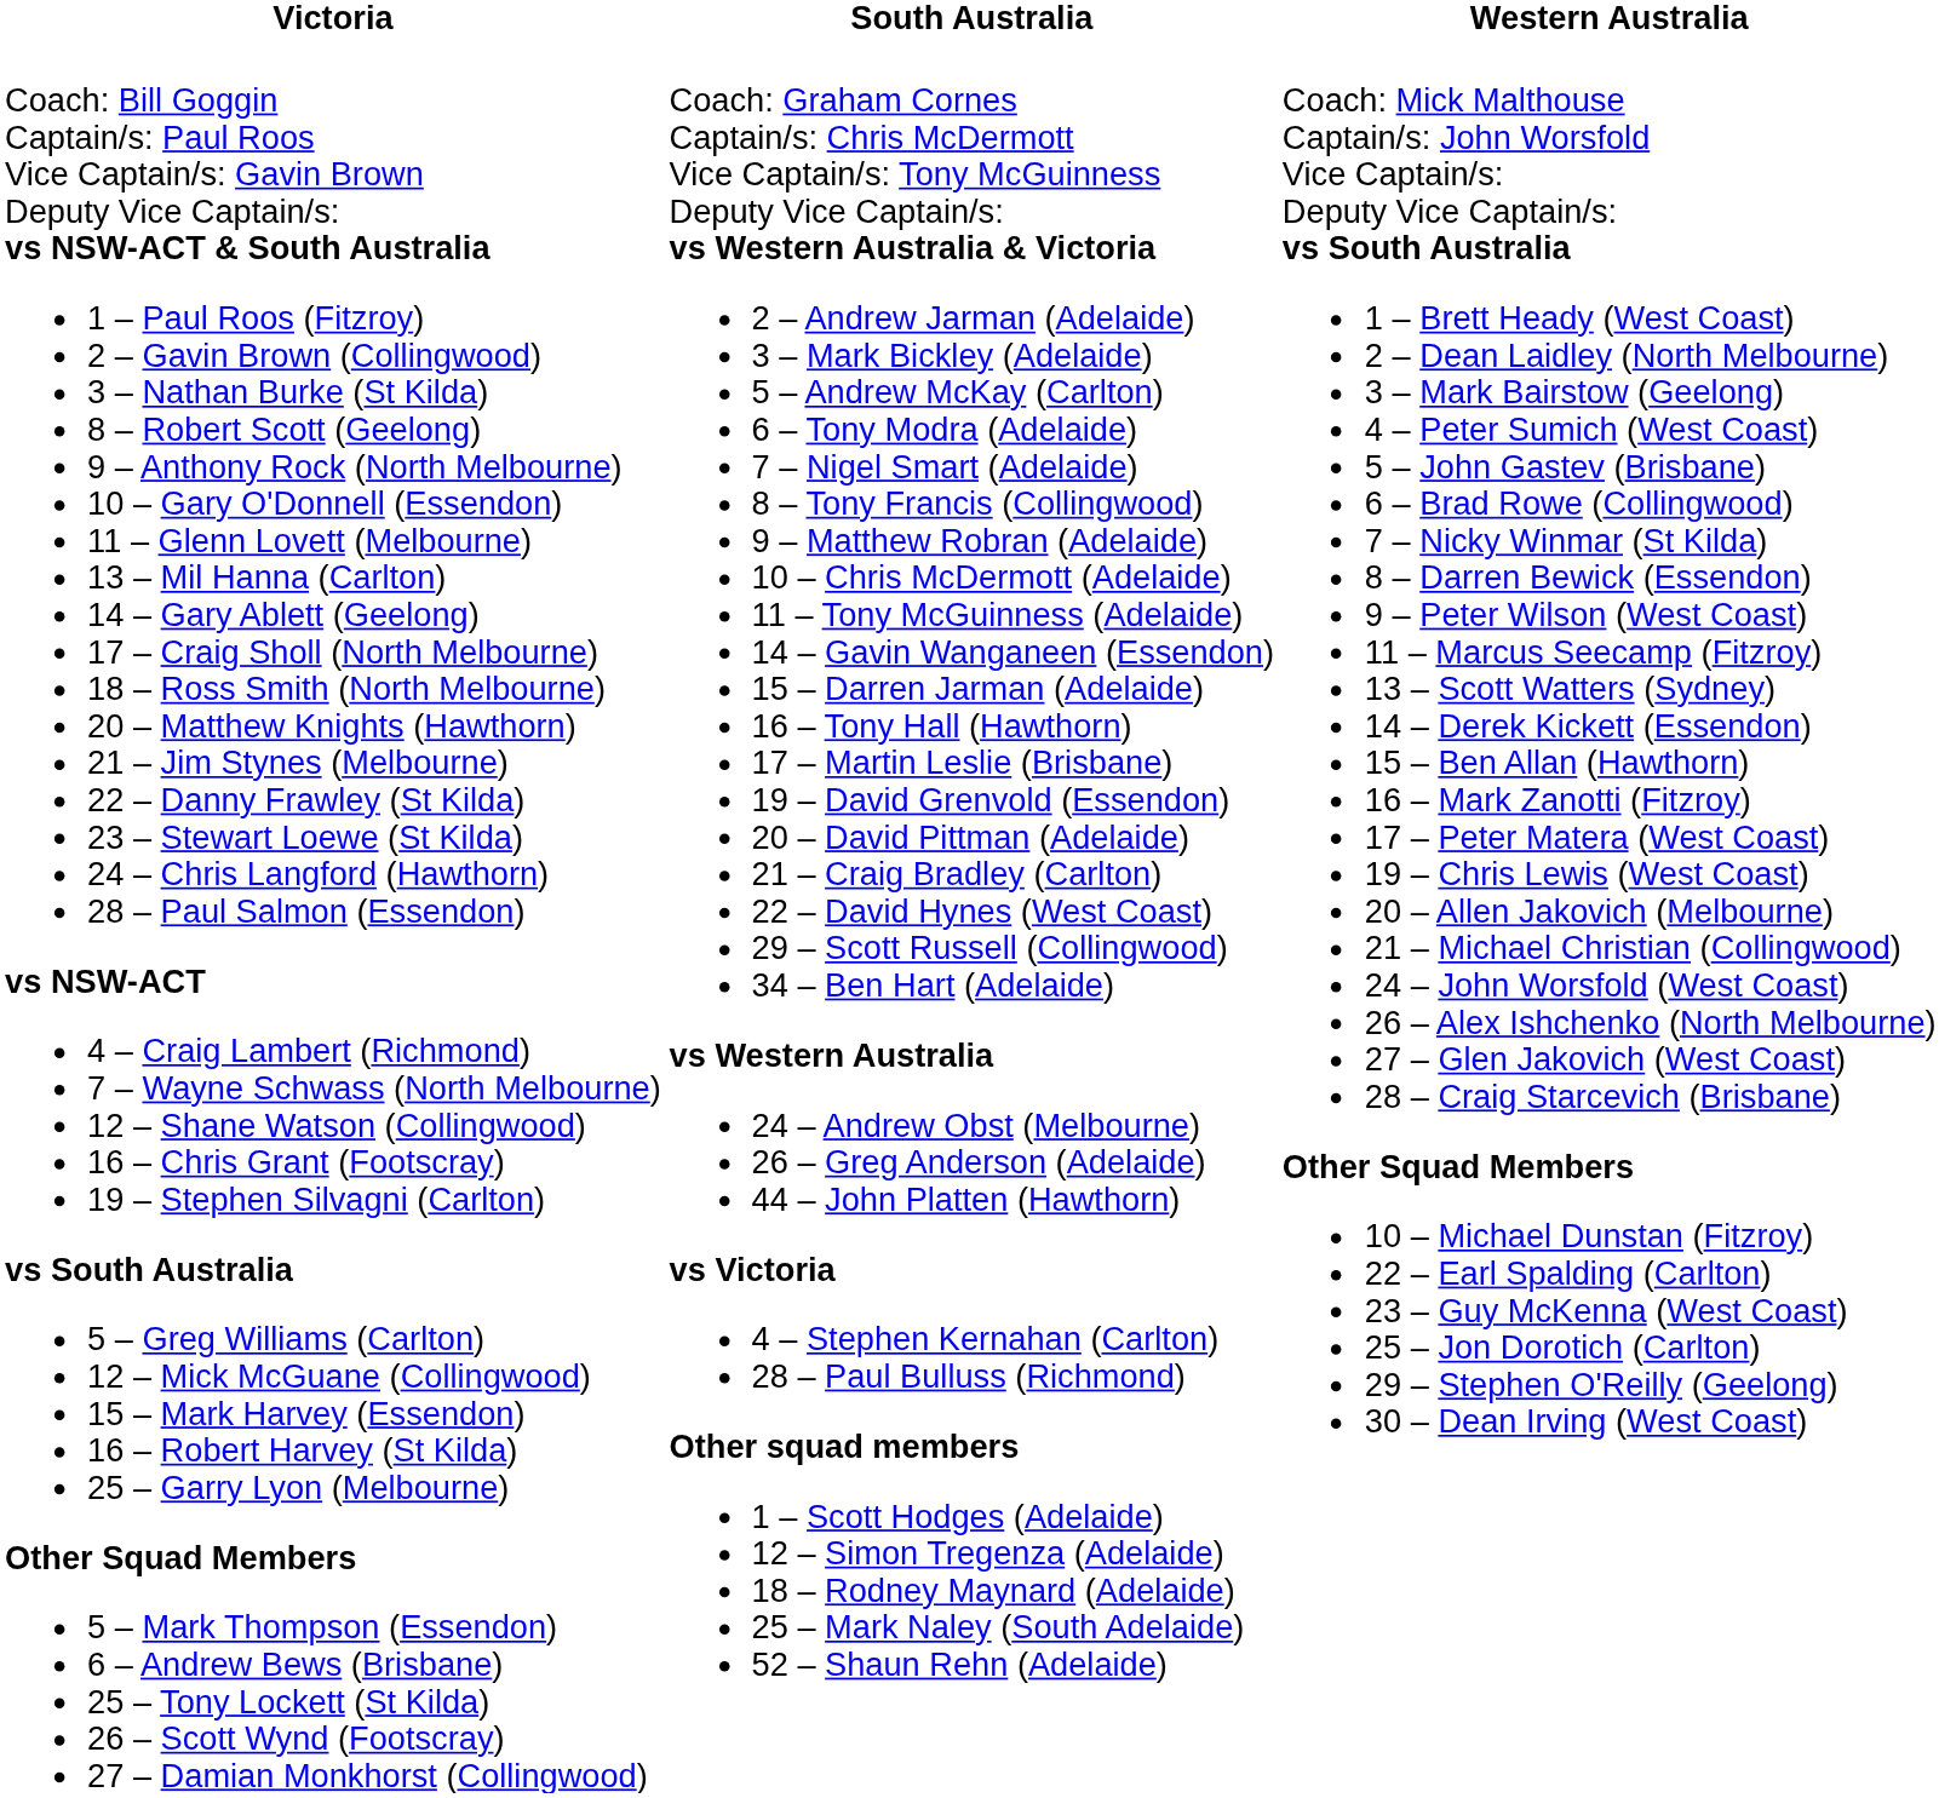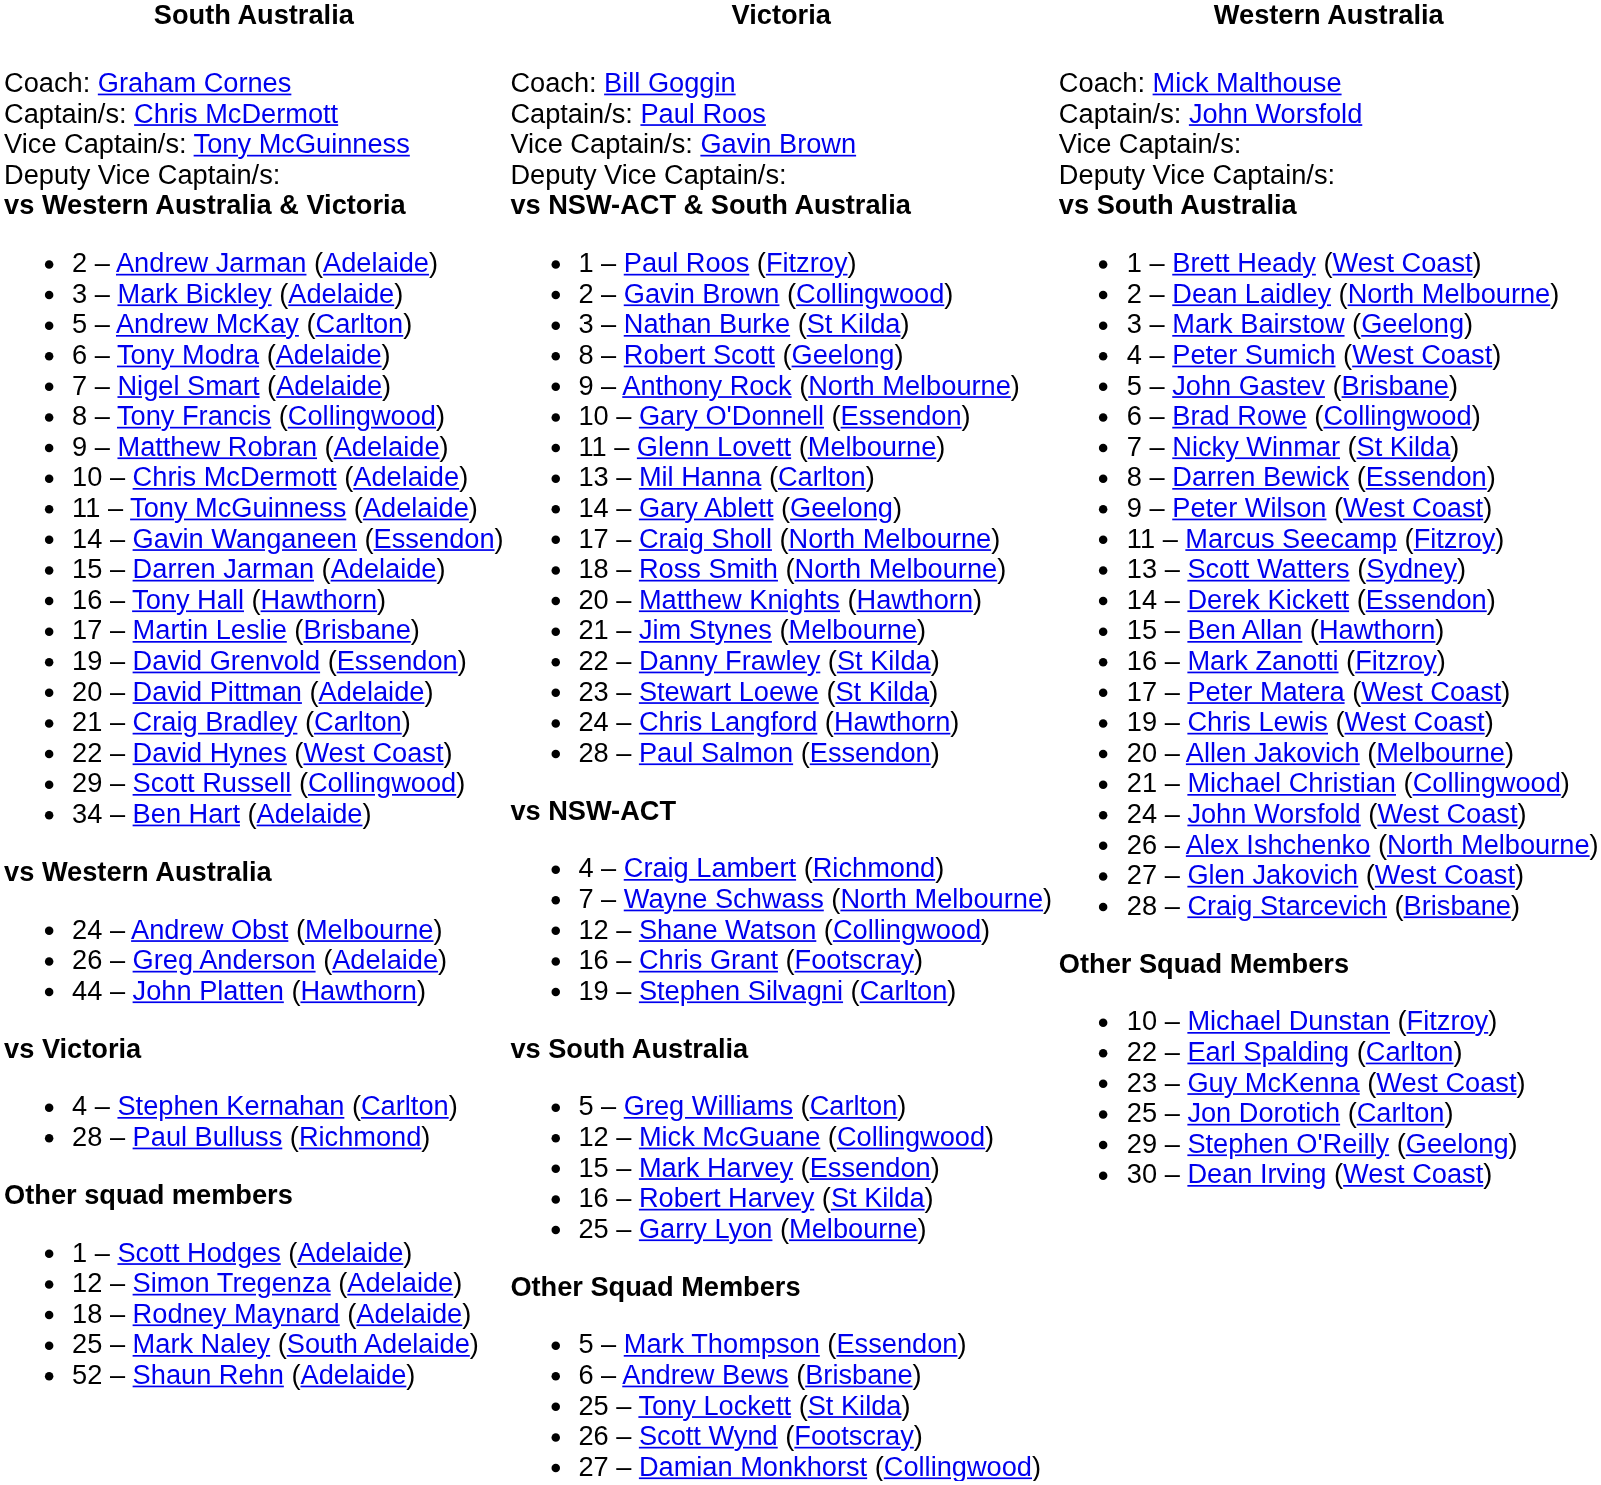 <table>
 <tr>
+<th>South Australia </th>
 <th>Victoria </th>
-<th>South Australia </th>
 <th>Western Australia </th>
 </tr>
 <tr valign="top">
+<td><br>Coach: <a href='#'>Graham Cornes</a><br> Captain/s: <a href='#'>Chris McDermott</a><br> Vice Captain/s: <a href='#'>Tony McGuinness</a><br> Deputy Vice Captain/s: <br> <strong>vs Western Australia & Victoria</strong><ul><li>2 – <a href='#'>Andrew Jarman</a> (<a href='#'>Adelaide</a>)</li><li>3 – <a href='#'>Mark Bickley</a> (<a href='#'>Adelaide</a>)</li><li>5 – <a href='#'>Andrew McKay</a> (<a href='#'>Carlton</a>)</li><li>6 – <a href='#'>Tony Modra</a>  (<a href='#'>Adelaide</a>)</li><li>7 – <a href='#'>Nigel Smart</a> (<a href='#'>Adelaide</a>)</li><li>8 – <a href='#'>Tony Francis</a> (<a href='#'>Collingwood</a>)</li><li>9 – <a href='#'>Matthew Robran</a> (<a href='#'>Adelaide</a>)</li><li>10 – <a href='#'>Chris McDermott</a> (<a href='#'>Adelaide</a>)</li><li>11 – <a href='#'>Tony McGuinness</a> (<a href='#'>Adelaide</a>)</li><li>14 – <a href='#'>Gavin Wanganeen</a> (<a href='#'>Essendon</a>)</li><li>15 – <a href='#'>Darren Jarman</a> (<a href='#'>Adelaide</a>)</li><li>16 – <a href='#'>Tony Hall</a> (<a href='#'>Hawthorn</a>)</li><li>17 – <a href='#'>Martin Leslie</a> (<a href='#'>Brisbane</a>)</li><li>19 – <a href='#'>David Grenvold</a> (<a href='#'>Essendon</a>)</li><li>20 – <a href='#'>David Pittman</a> (<a href='#'>Adelaide</a>)</li><li>21 – <a href='#'>Craig Bradley</a> (<a href='#'>Carlton</a>)</li><li>22 – <a href='#'>David Hynes</a> (<a href='#'>West Coast</a>)</li><li>29 – <a href='#'>Scott Russell</a> (<a href='#'>Collingwood</a>)</li><li>34 – <a href='#'>Ben Hart</a> (<a href='#'>Adelaide</a>)</li></ul><strong>vs Western Australia</strong><ul><li>24 – <a href='#'>Andrew Obst</a> (<a href='#'>Melbourne</a>)</li><li>26 – <a href='#'>Greg Anderson</a> (<a href='#'>Adelaide</a>)</li><li>44 – <a href='#'>John Platten</a> (<a href='#'>Hawthorn</a>)</li></ul><strong>vs Victoria</strong><ul><li>4 – <a href='#'>Stephen Kernahan</a> (<a href='#'>Carlton</a>)</li><li>28 – <a href='#'>Paul Bulluss</a> (<a href='#'>Richmond</a>)</li></ul><strong>Other squad members</strong><ul><li>1 – <a href='#'>Scott Hodges</a> (<a href='#'>Adelaide</a>)</li><li>12 – <a href='#'>Simon Tregenza</a> (<a href='#'>Adelaide</a>)</li><li>18 – <a href='#'>Rodney Maynard</a> (<a href='#'>Adelaide</a>)</li><li>25 – <a href='#'>Mark Naley</a> (<a href='#'>South Adelaide</a>)</li><li>52 – <a href='#'>Shaun Rehn</a> (<a href='#'>Adelaide</a>)</li></ul></td>
 <td><br>Coach: <a href='#'>Bill Goggin</a><br> Captain/s: <a href='#'>Paul Roos</a><br> Vice Captain/s: <a href='#'>Gavin Brown</a><br> Deputy Vice Captain/s: <br> <strong>vs NSW-ACT & South Australia</strong><ul><li>1 – <a href='#'>Paul Roos</a> (<a href='#'>Fitzroy</a>)</li><li>2 – <a href='#'>Gavin Brown</a> (<a href='#'>Collingwood</a>)</li><li>3 – <a href='#'>Nathan Burke</a> (<a href='#'>St Kilda</a>)</li><li>8 – <a href='#'>Robert Scott</a> (<a href='#'>Geelong</a>)</li><li>9 – <a href='#'>Anthony Rock</a> (<a href='#'>North Melbourne</a>)</li><li>10 – <a href='#'>Gary O'Donnell</a> (<a href='#'>Essendon</a>)</li><li>11 – <a href='#'>Glenn Lovett</a> (<a href='#'>Melbourne</a>)</li><li>13 – <a href='#'>Mil Hanna</a> (<a href='#'>Carlton</a>)</li><li>14 – <a href='#'>Gary Ablett</a> (<a href='#'>Geelong</a>)</li><li>17 – <a href='#'>Craig Sholl</a> (<a href='#'>North Melbourne</a>)</li><li>18 – <a href='#'>Ross Smith</a> (<a href='#'>North Melbourne</a>)</li><li>20 – <a href='#'>Matthew Knights</a> (<a href='#'>Hawthorn</a>)</li><li>21 – <a href='#'>Jim Stynes</a> (<a href='#'>Melbourne</a>)</li><li>22 – <a href='#'>Danny Frawley</a> (<a href='#'>St Kilda</a>)</li><li>23 – <a href='#'>Stewart Loewe</a> (<a href='#'>St Kilda</a>)</li><li>24 – <a href='#'>Chris Langford</a> (<a href='#'>Hawthorn</a>)</li><li>28 – <a href='#'>Paul Salmon</a> (<a href='#'>Essendon</a>)</li></ul><strong>vs NSW-ACT</strong><ul><li>4 – <a href='#'>Craig Lambert</a> (<a href='#'>Richmond</a>)</li><li>7 – <a href='#'>Wayne Schwass</a> (<a href='#'>North Melbourne</a>)</li><li>12 – <a href='#'>Shane Watson</a> (<a href='#'>Collingwood</a>)</li><li>16 – <a href='#'>Chris Grant</a> (<a href='#'>Footscray</a>)</li><li>19 – <a href='#'>Stephen Silvagni</a> (<a href='#'>Carlton</a>)</li></ul><strong>vs South Australia</strong><ul><li>5 – <a href='#'>Greg Williams</a> (<a href='#'>Carlton</a>)</li><li>12 – <a href='#'>Mick McGuane</a> (<a href='#'>Collingwood</a>)</li><li>15 – <a href='#'>Mark Harvey</a> (<a href='#'>Essendon</a>)</li><li>16 – <a href='#'>Robert Harvey</a> (<a href='#'>St Kilda</a>)</li><li>25 – <a href='#'>Garry Lyon</a> (<a href='#'>Melbourne</a>)</li></ul><strong>Other Squad Members</strong><ul><li>5 – <a href='#'>Mark Thompson</a> (<a href='#'>Essendon</a>)</li><li>6 – <a href='#'>Andrew Bews</a> (<a href='#'>Brisbane</a>)</li><li>25 – <a href='#'>Tony Lockett</a> (<a href='#'>St Kilda</a>)</li><li>26 – <a href='#'>Scott Wynd</a> (<a href='#'>Footscray</a>)</li><li>27 – <a href='#'>Damian Monkhorst</a> (<a href='#'>Collingwood</a>)</li></ul></td>
-<td><br>Coach: <a href='#'>Graham Cornes</a><br> Captain/s: <a href='#'>Chris McDermott</a><br> Vice Captain/s: <a href='#'>Tony McGuinness</a><br> Deputy Vice Captain/s: <br> <strong>vs Western Australia & Victoria</strong><ul><li>2 – <a href='#'>Andrew Jarman</a> (<a href='#'>Adelaide</a>)</li><li>3 – <a href='#'>Mark Bickley</a> (<a href='#'>Adelaide</a>)</li><li>5 – <a href='#'>Andrew McKay</a> (<a href='#'>Carlton</a>)</li><li>6 – <a href='#'>Tony Modra</a>  (<a href='#'>Adelaide</a>)</li><li>7 – <a href='#'>Nigel Smart</a> (<a href='#'>Adelaide</a>)</li><li>8 – <a href='#'>Tony Francis</a> (<a href='#'>Collingwood</a>)</li><li>9 – <a href='#'>Matthew Robran</a> (<a href='#'>Adelaide</a>)</li><li>10 – <a href='#'>Chris McDermott</a> (<a href='#'>Adelaide</a>)</li><li>11 – <a href='#'>Tony McGuinness</a> (<a href='#'>Adelaide</a>)</li><li>14 – <a href='#'>Gavin Wanganeen</a> (<a href='#'>Essendon</a>)</li><li>15 – <a href='#'>Darren Jarman</a> (<a href='#'>Adelaide</a>)</li><li>16 – <a href='#'>Tony Hall</a> (<a href='#'>Hawthorn</a>)</li><li>17 – <a href='#'>Martin Leslie</a> (<a href='#'>Brisbane</a>)</li><li>19 – <a href='#'>David Grenvold</a> (<a href='#'>Essendon</a>)</li><li>20 – <a href='#'>David Pittman</a> (<a href='#'>Adelaide</a>)</li><li>21 – <a href='#'>Craig Bradley</a> (<a href='#'>Carlton</a>)</li><li>22 – <a href='#'>David Hynes</a> (<a href='#'>West Coast</a>)</li><li>29 – <a href='#'>Scott Russell</a> (<a href='#'>Collingwood</a>)</li><li>34 – <a href='#'>Ben Hart</a> (<a href='#'>Adelaide</a>)</li></ul><strong>vs Western Australia</strong><ul><li>24 – <a href='#'>Andrew Obst</a> (<a href='#'>Melbourne</a>)</li><li>26 – <a href='#'>Greg Anderson</a> (<a href='#'>Adelaide</a>)</li><li>44 – <a href='#'>John Platten</a> (<a href='#'>Hawthorn</a>)</li></ul><strong>vs Victoria</strong><ul><li>4 – <a href='#'>Stephen Kernahan</a> (<a href='#'>Carlton</a>)</li><li>28 – <a href='#'>Paul Bulluss</a> (<a href='#'>Richmond</a>)</li></ul><strong>Other squad members</strong><ul><li>1 – <a href='#'>Scott Hodges</a> (<a href='#'>Adelaide</a>)</li><li>12 – <a href='#'>Simon Tregenza</a> (<a href='#'>Adelaide</a>)</li><li>18 – <a href='#'>Rodney Maynard</a> (<a href='#'>Adelaide</a>)</li><li>25 – <a href='#'>Mark Naley</a> (<a href='#'>South Adelaide</a>)</li><li>52 – <a href='#'>Shaun Rehn</a> (<a href='#'>Adelaide</a>)</li></ul></td>
 <td><br>Coach: <a href='#'>Mick Malthouse</a><br> Captain/s: <a href='#'>John Worsfold</a><br> Vice Captain/s: <br> Deputy Vice Captain/s: <br> <strong>vs South Australia</strong><ul><li>1 – <a href='#'>Brett Heady</a> (<a href='#'>West Coast</a>)</li><li>2 – <a href='#'>Dean Laidley</a> (<a href='#'>North Melbourne</a>)</li><li>3 – <a href='#'>Mark Bairstow</a> (<a href='#'>Geelong</a>)</li><li>4 – <a href='#'>Peter Sumich</a> (<a href='#'>West Coast</a>)</li><li>5 – <a href='#'>John Gastev</a> (<a href='#'>Brisbane</a>)</li><li>6 – <a href='#'>Brad Rowe</a> (<a href='#'>Collingwood</a>)</li><li>7 – <a href='#'>Nicky Winmar</a> (<a href='#'>St Kilda</a>)</li><li>8 – <a href='#'>Darren Bewick</a> (<a href='#'>Essendon</a>)</li><li>9 – <a href='#'>Peter Wilson</a> (<a href='#'>West Coast</a>)</li><li>11 – <a href='#'>Marcus Seecamp</a> (<a href='#'>Fitzroy</a>)</li><li>13 – <a href='#'>Scott Watters</a> (<a href='#'>Sydney</a>)</li><li>14 – <a href='#'>Derek Kickett</a> (<a href='#'>Essendon</a>)</li><li>15 – <a href='#'>Ben Allan</a> (<a href='#'>Hawthorn</a>)</li><li>16 – <a href='#'>Mark Zanotti</a> (<a href='#'>Fitzroy</a>)</li><li>17 – <a href='#'>Peter Matera</a> (<a href='#'>West Coast</a>)</li><li>19 – <a href='#'>Chris Lewis</a> (<a href='#'>West Coast</a>)</li><li>20 – <a href='#'>Allen Jakovich</a> (<a href='#'>Melbourne</a>)</li><li>21 – <a href='#'>Michael Christian</a> (<a href='#'>Collingwood</a>)</li><li>24 – <a href='#'>John Worsfold</a> (<a href='#'>West Coast</a>)</li><li>26 – <a href='#'>Alex Ishchenko</a> (<a href='#'>North Melbourne</a>)</li><li>27 – <a href='#'>Glen Jakovich</a> (<a href='#'>West Coast</a>)</li><li>28 – <a href='#'>Craig Starcevich</a> (<a href='#'>Brisbane</a>)</li></ul><strong>Other Squad Members</strong><ul><li>10 – <a href='#'>Michael Dunstan</a> (<a href='#'>Fitzroy</a>)</li><li>22 – <a href='#'>Earl Spalding</a> (<a href='#'>Carlton</a>)</li><li>23 – <a href='#'>Guy McKenna</a> (<a href='#'>West Coast</a>)</li><li>25 – <a href='#'>Jon Dorotich</a> (<a href='#'>Carlton</a>)</li><li>29 – <a href='#'>Stephen O'Reilly</a> (<a href='#'>Geelong</a>)</li><li>30 – <a href='#'>Dean Irving</a> (<a href='#'>West Coast</a>)</li></ul></td>
 </tr>
 </table>
